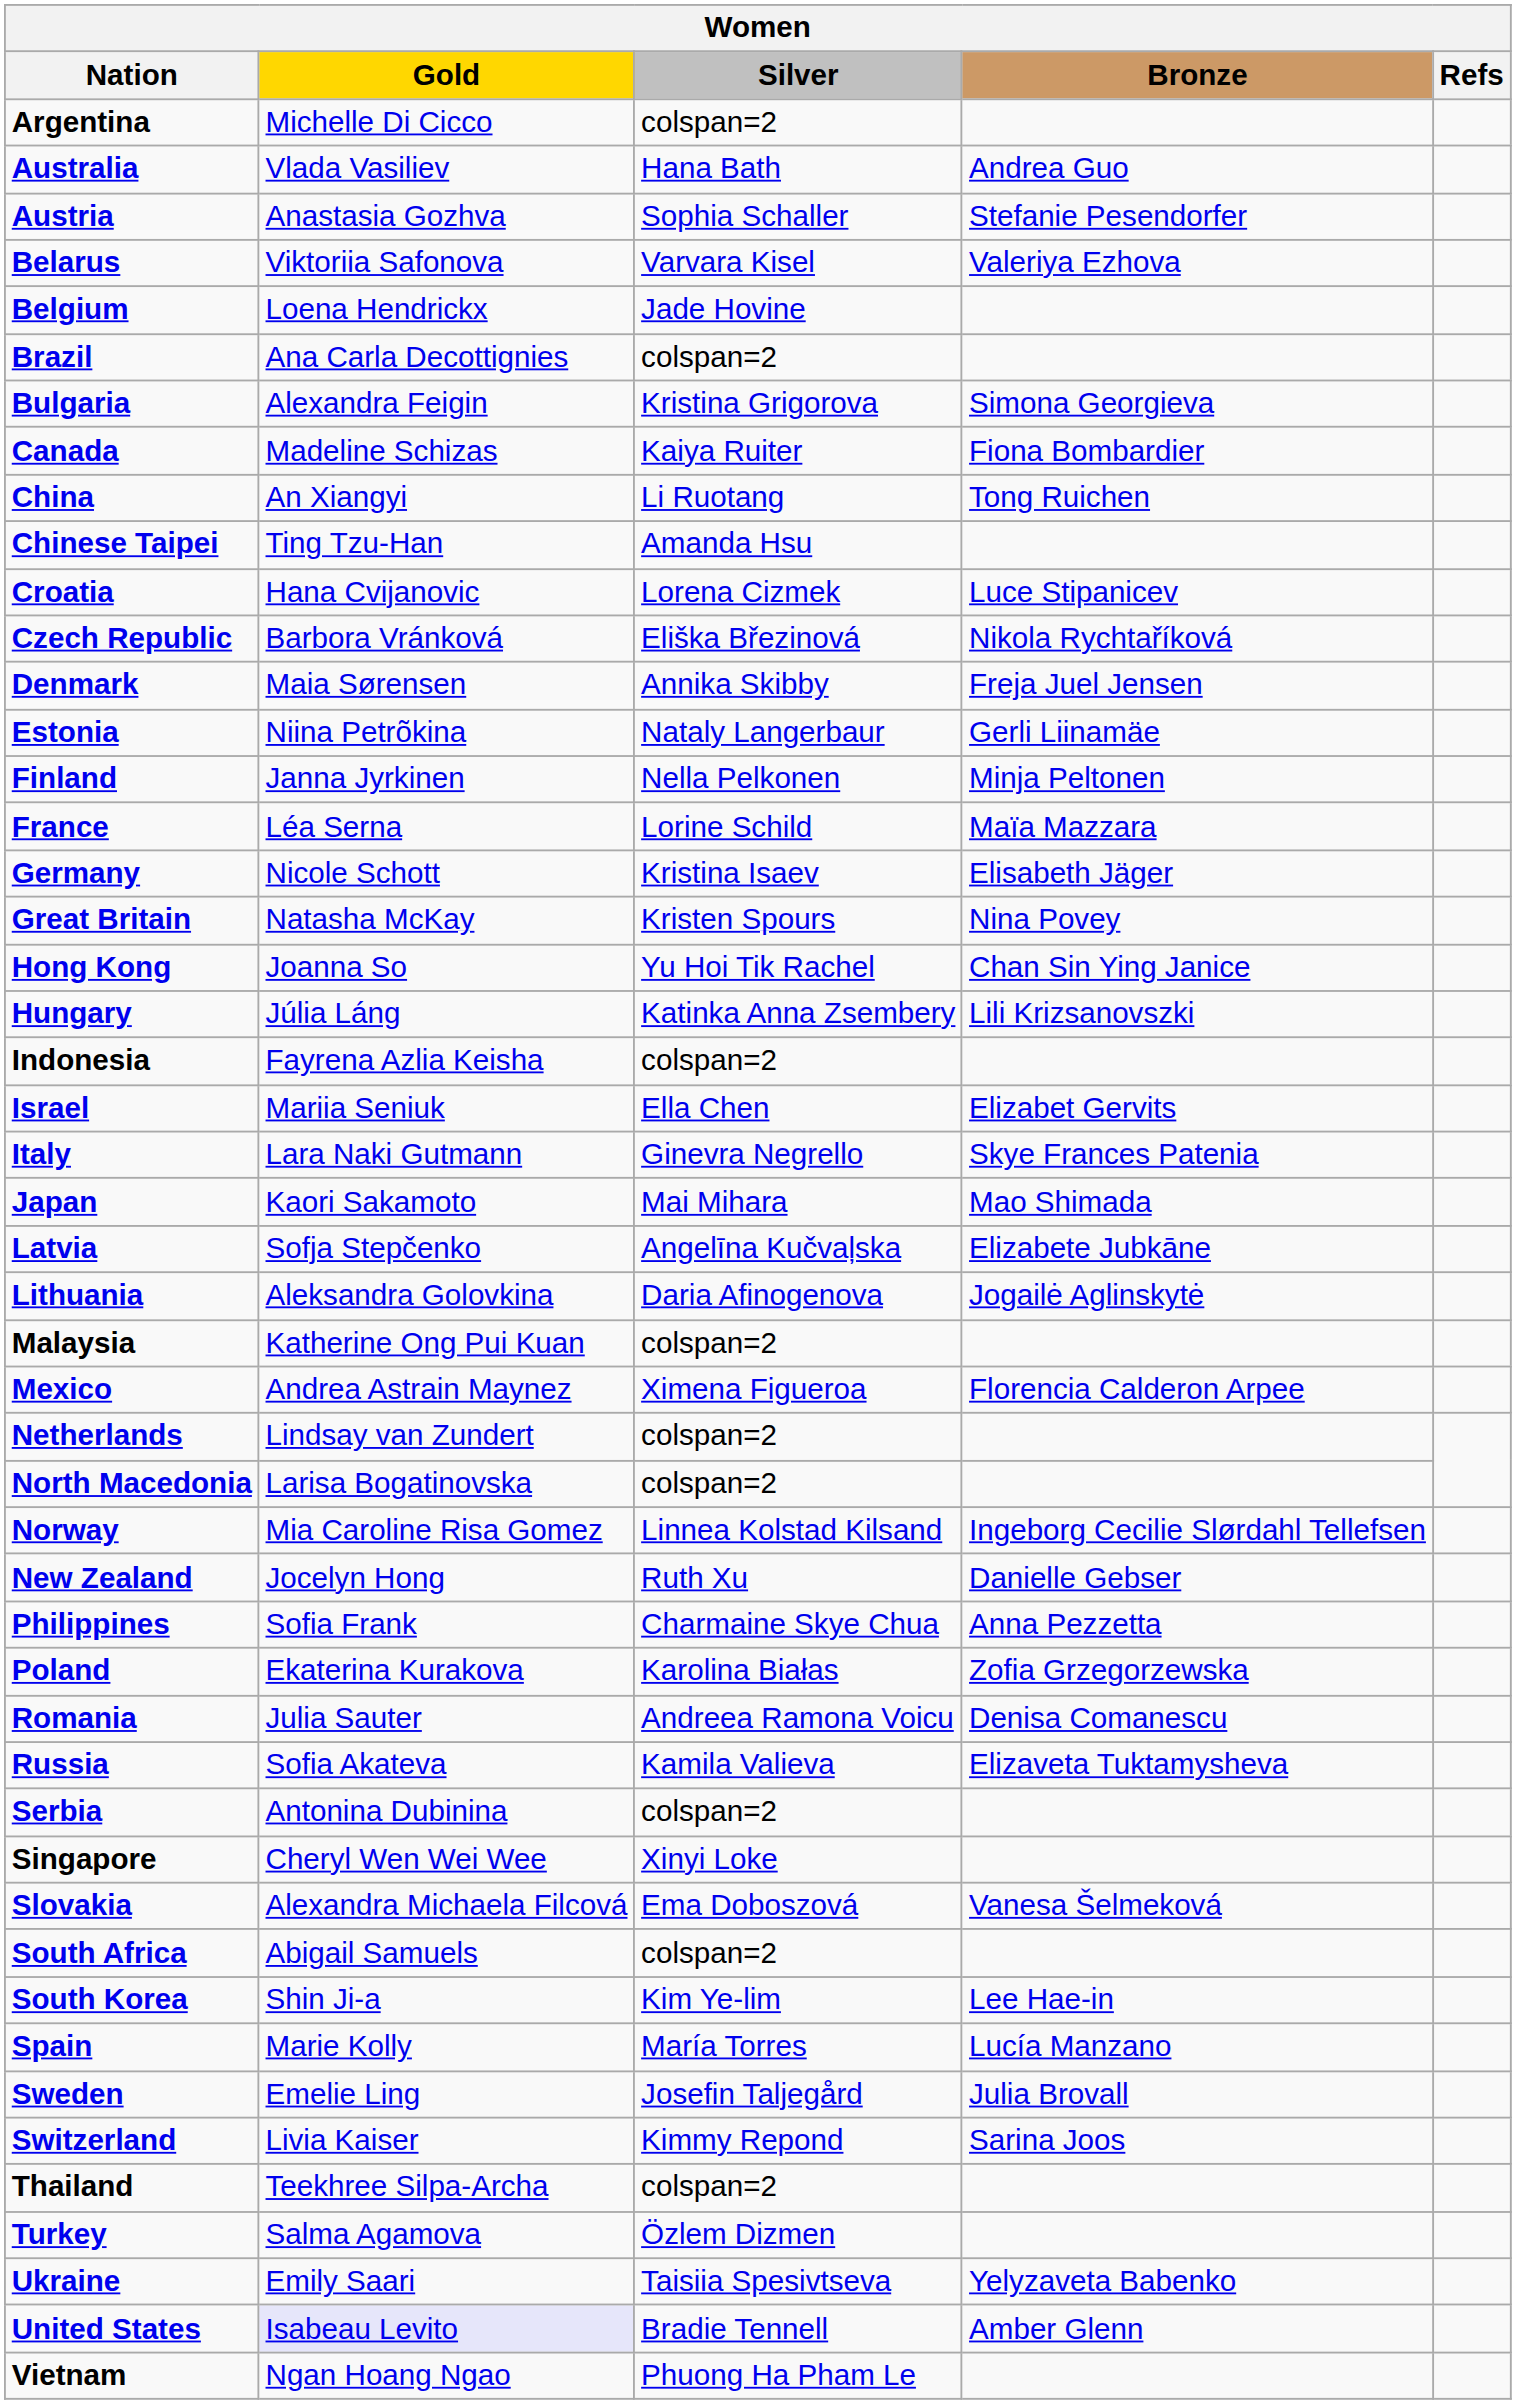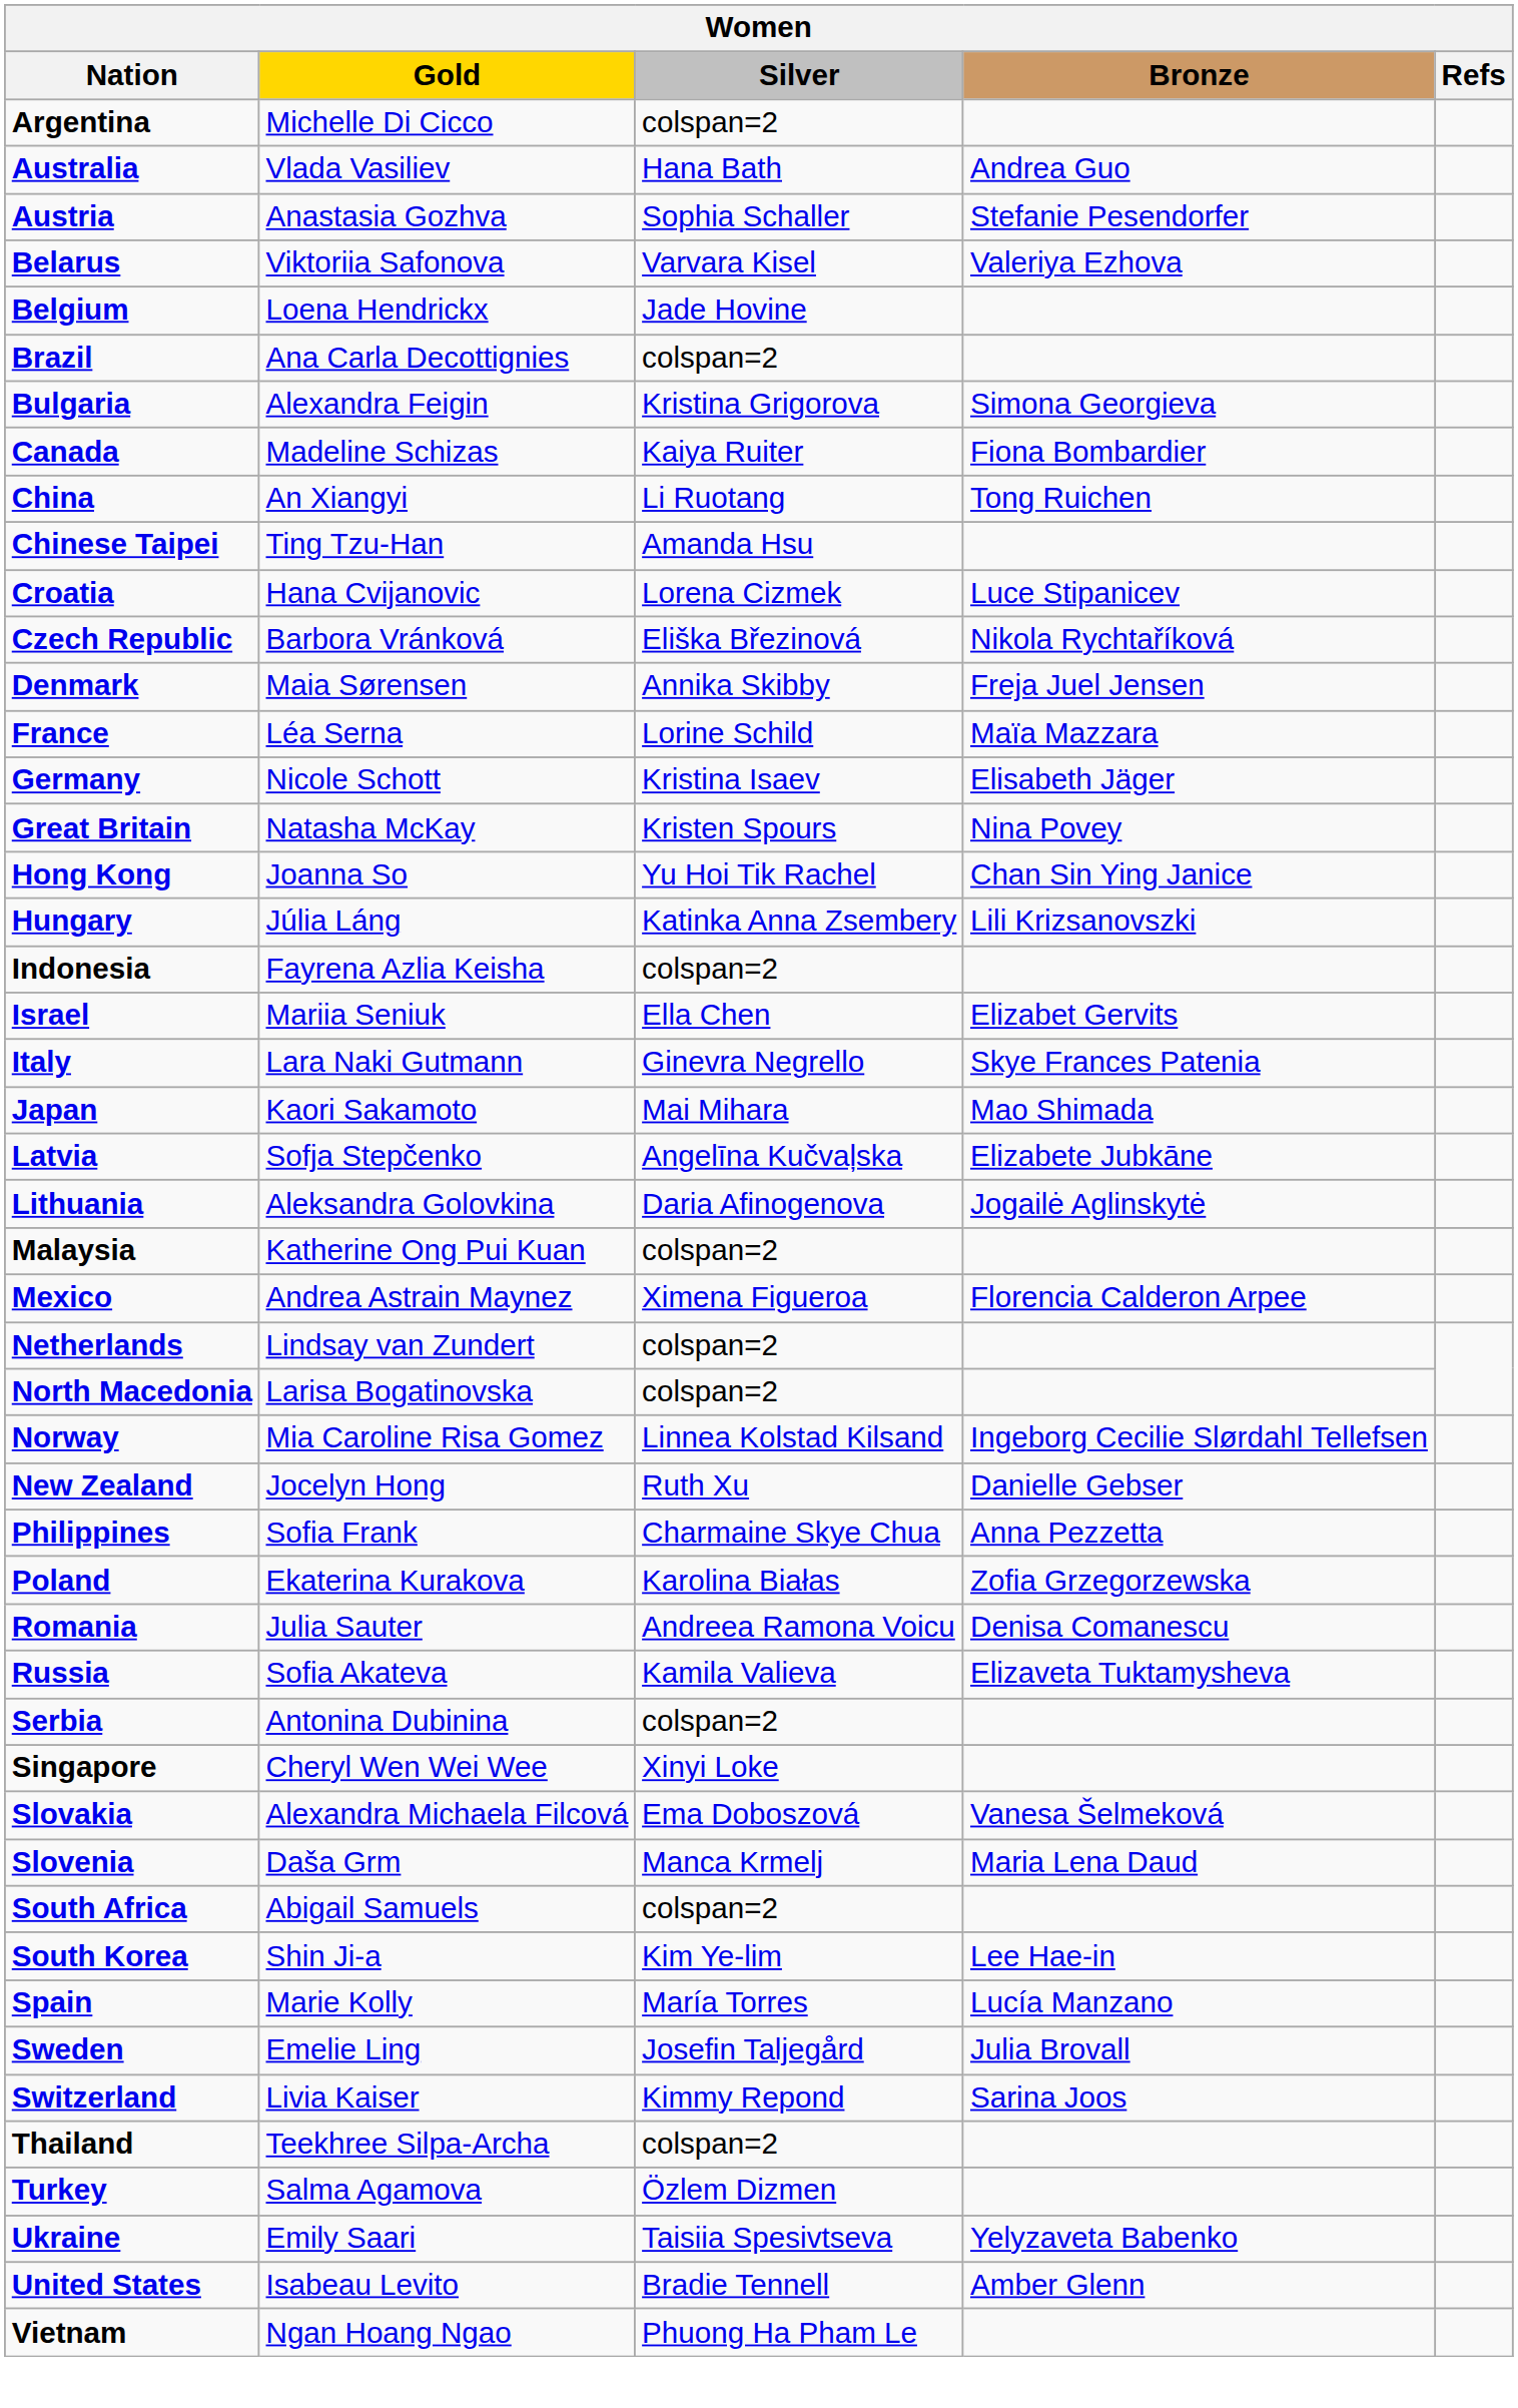 <table class="wikitable">
 <tr>
 <th colspan=5>Women</th>
 </tr>
 <tr>
 <th>Nation</th>
 <td style="text-align:center; background:gold;"><strong>Gold</strong></td>
 <td style="text-align:center; background:silver;"><strong>Silver</strong></td>
 <td style="text-align:center; background:#c96;"><strong>Bronze</strong></td>
 <th>Refs</th>
 </tr>
 <tr>
 <td><strong> Argentina</strong></td>
 <td><a href='#'>Michelle Di Cicco</a></td>
 <td>colspan=2 </td>
 <td></td>
 </tr>
 <tr>
 <td><strong> <a href='#'>Australia</a></strong></td>
 <td><a href='#'>Vlada Vasiliev</a></td>
 <td><a href='#'>Hana Bath</a></td>
 <td><a href='#'>Andrea Guo</a></td>
 <td></td>
 </tr>
 <tr>
 <td><strong> <a href='#'>Austria</a></strong></td>
 <td><a href='#'>Anastasia Gozhva</a></td>
 <td><a href='#'>Sophia Schaller</a></td>
 <td><a href='#'>Stefanie Pesendorfer</a></td>
 <td></td>
 </tr>
 <tr>
 <td><strong> <a href='#'>Belarus</a></strong></td>
 <td><a href='#'>Viktoriia Safonova</a></td>
 <td><a href='#'>Varvara Kisel</a></td>
 <td><a href='#'>Valeriya Ezhova</a></td>
 <td></td>
 </tr>
 <tr>
 <td><strong> <a href='#'>Belgium</a></strong></td>
 <td><a href='#'>Loena Hendrickx</a></td>
 <td><a href='#'>Jade Hovine</a></td>
 <td></td>
 <td></td>
 </tr>
 <tr>
 <td><strong> <a href='#'>Brazil</a></strong></td>
 <td><a href='#'>Ana Carla Decottignies</a></td>
 <td>colspan=2 </td>
 <td></td>
 </tr>
 <tr>
 <td><strong> <a href='#'>Bulgaria</a></strong></td>
 <td><a href='#'>Alexandra Feigin</a></td>
 <td><a href='#'>Kristina Grigorova</a></td>
 <td><a href='#'>Simona Georgieva</a></td>
 <td></td>
 </tr>
 <tr>
 <td><strong> <a href='#'>Canada</a></strong></td>
 <td><a href='#'>Madeline Schizas</a></td>
 <td><a href='#'>Kaiya Ruiter</a></td>
 <td><a href='#'>Fiona Bombardier</a></td>
 <td></td>
 </tr>
 <tr>
 <td><strong> <a href='#'>China</a></strong></td>
 <td><a href='#'>An Xiangyi</a></td>
 <td><a href='#'>Li Ruotang</a></td>
 <td><a href='#'>Tong Ruichen</a></td>
 <td></td>
 </tr>
 <tr>
 <td><strong> <a href='#'>Chinese Taipei</a></strong></td>
 <td><a href='#'>Ting Tzu-Han</a></td>
 <td><a href='#'>Amanda Hsu</a></td>
 <td></td>
 <td></td>
 </tr>
 <tr>
 <td><strong> <a href='#'>Croatia</a></strong></td>
 <td><a href='#'>Hana Cvijanovic</a></td>
 <td><a href='#'>Lorena Cizmek</a></td>
 <td><a href='#'>Luce Stipanicev</a></td>
 <td></td>
 </tr>
 <tr>
 <td><strong> <a href='#'>Czech Republic</a></strong></td>
 <td><a href='#'>Barbora Vránková</a></td>
 <td><a href='#'>Eliška Březinová</a></td>
 <td><a href='#'>Nikola Rychtaříková</a></td>
 <td></td>
 </tr>
 <tr>
 <td><strong> <a href='#'>Denmark</a></strong></td>
 <td><a href='#'>Maia Sørensen</a></td>
 <td><a href='#'>Annika Skibby</a></td>
 <td><a href='#'>Freja Juel Jensen</a></td>
-<td></td>
-</tr>
-<tr>
-<td><strong> <a href='#'>Estonia</a></strong></td>
-<td><a href='#'>Niina Petrõkina</a></td>
-<td><a href='#'>Nataly Langerbaur</a></td>
-<td><a href='#'>Gerli Liinamäe</a></td>
-<td></td>
-</tr>
-<tr>
-<td><strong> <a href='#'>Finland</a></strong></td>
-<td><a href='#'>Janna Jyrkinen</a></td>
-<td><a href='#'>Nella Pelkonen</a></td>
-<td><a href='#'>Minja Peltonen</a></td>
 <td></td>
 </tr>
 <tr>
 <td><strong> <a href='#'>France</a></strong></td>
 <td><a href='#'>Léa Serna</a></td>
 <td><a href='#'>Lorine Schild</a></td>
 <td><a href='#'>Maïa Mazzara</a></td>
 <td></td>
 </tr>
 <tr>
 <td><strong> <a href='#'>Germany</a></strong></td>
 <td><a href='#'>Nicole Schott</a></td>
 <td><a href='#'>Kristina Isaev</a></td>
 <td><a href='#'>Elisabeth Jäger</a></td>
 <td></td>
 </tr>
 <tr>
 <td><strong> <a href='#'>Great Britain</a></strong></td>
 <td><a href='#'>Natasha McKay</a></td>
 <td><a href='#'>Kristen Spours</a></td>
 <td><a href='#'>Nina Povey</a></td>
 <td></td>
 </tr>
 <tr>
 <td><strong> <a href='#'>Hong Kong</a></strong></td>
 <td><a href='#'>Joanna So</a></td>
 <td><a href='#'>Yu Hoi Tik Rachel</a></td>
 <td><a href='#'>Chan Sin Ying Janice</a></td>
 <td></td>
 </tr>
 <tr>
 <td><strong> <a href='#'>Hungary</a></strong></td>
 <td><a href='#'>Júlia Láng</a></td>
 <td><a href='#'>Katinka Anna Zsembery</a></td>
 <td><a href='#'>Lili Krizsanovszki</a></td>
 <td></td>
 </tr>
 <tr>
 <td><strong> Indonesia</strong></td>
 <td><a href='#'>Fayrena Azlia Keisha</a></td>
 <td>colspan=2 </td>
 <td></td>
 </tr>
 <tr>
 <td><strong> <a href='#'>Israel</a></strong></td>
 <td><a href='#'>Mariia Seniuk</a></td>
 <td><a href='#'>Ella Chen</a></td>
 <td><a href='#'>Elizabet Gervits</a></td>
 <td></td>
 </tr>
 <tr>
 <td><strong> <a href='#'>Italy</a></strong></td>
 <td><a href='#'>Lara Naki Gutmann</a></td>
 <td><a href='#'>Ginevra Negrello</a></td>
 <td><a href='#'>Skye Frances Patenia</a></td>
 <td></td>
 </tr>
 <tr>
 <td><strong> <a href='#'>Japan</a></strong></td>
 <td><a href='#'>Kaori Sakamoto</a></td>
 <td><a href='#'>Mai Mihara</a></td>
 <td><a href='#'>Mao Shimada</a></td>
 <td></td>
 </tr>
 <tr>
 <td><strong> <a href='#'>Latvia</a></strong></td>
 <td><a href='#'>Sofja Stepčenko</a></td>
 <td><a href='#'>Angelīna Kučvaļska</a></td>
 <td><a href='#'>Elizabete Jubkāne</a></td>
 <td></td>
 </tr>
 <tr>
 <td><strong> <a href='#'>Lithuania</a></strong></td>
 <td><a href='#'>Aleksandra Golovkina</a></td>
 <td><a href='#'>Daria Afinogenova</a></td>
 <td><a href='#'>Jogailė Aglinskytė</a></td>
 <td></td>
 </tr>
 <tr>
 <td><strong> Malaysia</strong></td>
 <td><a href='#'>Katherine Ong Pui Kuan</a></td>
 <td>colspan=2 </td>
 <td></td>
 </tr>
 <tr>
 <td><strong> <a href='#'>Mexico</a></strong></td>
 <td><a href='#'>Andrea Astrain Maynez</a></td>
 <td><a href='#'>Ximena Figueroa</a></td>
 <td><a href='#'>Florencia Calderon Arpee</a></td>
 <td></td>
 </tr>
 <tr>
 <td><strong> <a href='#'>Netherlands</a></strong></td>
 <td><a href='#'>Lindsay van Zundert</a></td>
 <td>colspan=2 </td>
 <td></td>
 </tr>
 <tr>
 <td><strong> <a href='#'>North Macedonia</a></strong></td>
 <td><a href='#'>Larisa Bogatinovska</a></td>
 <td>colspan=2 </td>
 <td></td>
 </tr>
 <tr>
 <td><strong> <a href='#'>Norway</a></strong></td>
 <td><a href='#'>Mia Caroline Risa Gomez</a></td>
 <td><a href='#'>Linnea Kolstad Kilsand</a></td>
 <td><a href='#'>Ingeborg Cecilie Slørdahl Tellefsen</a></td>
 <td></td>
 </tr>
 <tr>
 <td><strong> <a href='#'>New Zealand</a></strong></td>
 <td><a href='#'>Jocelyn Hong</a></td>
 <td><a href='#'>Ruth Xu</a></td>
 <td><a href='#'>Danielle Gebser</a></td>
 <td></td>
 </tr>
 <tr>
 <td><strong> <a href='#'>Philippines</a></strong></td>
 <td><a href='#'>Sofia Frank</a></td>
 <td><a href='#'>Charmaine Skye Chua</a></td>
 <td><a href='#'>Anna Pezzetta</a></td>
 <td></td>
 </tr>
 <tr>
 <td><strong> <a href='#'>Poland</a></strong></td>
 <td><a href='#'>Ekaterina Kurakova</a></td>
 <td><a href='#'>Karolina Białas</a></td>
 <td><a href='#'>Zofia Grzegorzewska</a></td>
 <td></td>
 </tr>
 <tr>
 <td><strong> <a href='#'>Romania</a></strong></td>
 <td><a href='#'>Julia Sauter</a></td>
 <td><a href='#'>Andreea Ramona Voicu</a></td>
 <td><a href='#'>Denisa Comanescu</a></td>
 <td></td>
 </tr>
 <tr>
 <td><strong> <a href='#'>Russia</a></strong></td>
 <td><a href='#'>Sofia Akateva</a></td>
 <td><a href='#'>Kamila Valieva</a></td>
 <td><a href='#'>Elizaveta Tuktamysheva</a></td>
 <td></td>
 </tr>
 <tr>
 <td><strong> <a href='#'>Serbia</a></strong></td>
 <td><a href='#'>Antonina Dubinina</a></td>
 <td>colspan=2 </td>
 <td></td>
 </tr>
 <tr>
 <td><strong> Singapore</strong></td>
 <td><a href='#'>Cheryl Wen Wei Wee</a></td>
 <td><a href='#'>Xinyi Loke</a></td>
 <td></td>
 <td></td>
 </tr>
 <tr>
 <td><strong> <a href='#'>Slovakia</a></strong></td>
 <td><a href='#'>Alexandra Michaela Filcová</a></td>
 <td><a href='#'>Ema Doboszová</a></td>
 <td><a href='#'>Vanesa Šelmeková</a></td>
 <td></td>
 </tr>
 <tr>
+<td><strong> <a href='#'>Slovenia</a></strong></td>
+<td><a href='#'>Daša Grm</a></td>
+<td><a href='#'>Manca Krmelj</a></td>
+<td><a href='#'>Maria Lena Daud</a></td>
+<td></td>
+</tr>
+<tr>
 <td><strong> <a href='#'>South Africa</a></strong></td>
 <td><a href='#'>Abigail Samuels</a></td>
 <td>colspan=2 </td>
 <td></td>
 </tr>
 <tr>
 <td><strong> <a href='#'>South Korea</a></strong></td>
 <td><a href='#'>Shin Ji-a</a></td>
 <td><a href='#'>Kim Ye-lim</a></td>
 <td><a href='#'>Lee Hae-in</a></td>
 <td></td>
 </tr>
 <tr>
 <td><strong> <a href='#'>Spain</a></strong></td>
 <td><a href='#'>Marie Kolly</a></td>
 <td><a href='#'>María Torres</a></td>
 <td><a href='#'>Lucía Manzano</a></td>
 <td></td>
 </tr>
 <tr>
 <td><strong> <a href='#'>Sweden</a></strong></td>
 <td><a href='#'>Emelie Ling</a></td>
 <td><a href='#'>Josefin Taljegård</a></td>
 <td><a href='#'>Julia Brovall</a></td>
 <td></td>
 </tr>
 <tr>
 <td><strong> <a href='#'>Switzerland</a></strong></td>
 <td><a href='#'>Livia Kaiser</a></td>
 <td><a href='#'>Kimmy Repond</a></td>
 <td><a href='#'>Sarina Joos</a></td>
 <td></td>
 </tr>
 <tr>
 <td><strong> Thailand</strong></td>
 <td><a href='#'>Teekhree Silpa-Archa</a></td>
 <td>colspan=2 </td>
 <td></td>
 </tr>
 <tr>
 <td><strong> <a href='#'>Turkey</a></strong></td>
 <td><a href='#'>Salma Agamova</a></td>
 <td><a href='#'>Özlem Dizmen</a></td>
 <td></td>
 <td></td>
 </tr>
 <tr>
 <td><strong> <a href='#'>Ukraine</a></strong></td>
 <td><a href='#'>Emily Saari</a></td>
 <td><a href='#'>Taisiia Spesivtseva</a></td>
 <td><a href='#'>Yelyzaveta Babenko</a></td>
 <td></td>
 </tr>
 <tr>
 <td><strong> <a href='#'>United States</a></strong></td>
-<td style="background: lavender;"><a href='#'>Isabeau Levito</a></td>
+<td><a href='#'>Isabeau Levito</a></td>
 <td><a href='#'>Bradie Tennell</a></td>
 <td><a href='#'>Amber Glenn</a></td>
 <td></td>
 </tr>
 <tr>
 <td><strong> Vietnam</strong></td>
 <td><a href='#'>Ngan Hoang Ngao</a></td>
 <td><a href='#'>Phuong Ha Pham Le</a></td>
 <td></td>
 <td></td>
 </tr>
 </table>
